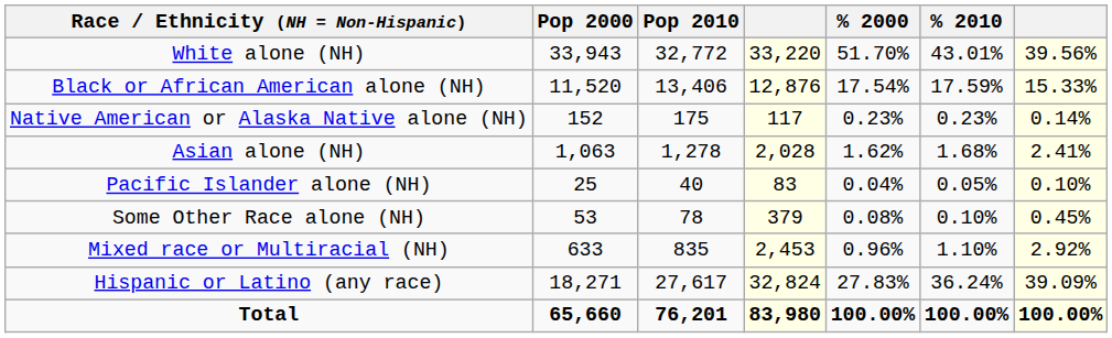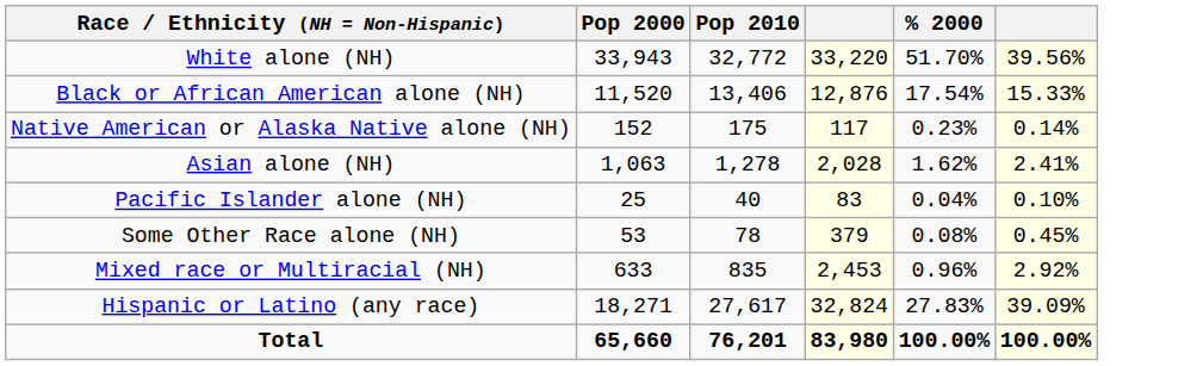 <table class="wikitable" style="text-align:center;">
 <tr>
 <th>Race / Ethnicity <small>(<em>NH = Non-Hispanic</em>)</small></th>
 <th>Pop 2000</th>
 <th>Pop 2010</th>
 <th></th>
 <th>% 2000</th>
-<th>% 2010</th>
 <th></th>
 </tr>
 <tr>
 <td><a href='#'>White</a> alone (NH)</td>
 <td>33,943</td>
 <td>32,772</td>
 <td style='background: #ffffe6;'>33,220</td>
 <td>51.70%</td>
-<td>43.01%</td>
 <td style='background: #ffffe6;'>39.56%</td>
 </tr>
 <tr>
 <td><a href='#'>Black or African American</a> alone (NH)</td>
 <td>11,520</td>
 <td>13,406</td>
 <td style='background: #ffffe6;'>12,876</td>
 <td>17.54%</td>
-<td>17.59%</td>
 <td style='background: #ffffe6;'>15.33%</td>
 </tr>
 <tr>
 <td><a href='#'>Native American</a> or <a href='#'>Alaska Native</a> alone (NH)</td>
 <td>152</td>
 <td>175</td>
 <td style='background: #ffffe6;'>117</td>
-<td>0.23%</td>
 <td>0.23%</td>
 <td style='background: #ffffe6;'>0.14%</td>
 </tr>
 <tr>
 <td><a href='#'>Asian</a> alone (NH)</td>
 <td>1,063</td>
 <td>1,278</td>
 <td style='background: #ffffe6;'>2,028</td>
 <td>1.62%</td>
-<td>1.68%</td>
 <td style='background: #ffffe6;'>2.41%</td>
 </tr>
 <tr>
 <td><a href='#'>Pacific Islander</a> alone (NH)</td>
 <td>25</td>
 <td>40</td>
 <td style='background: #ffffe6;'>83</td>
 <td>0.04%</td>
-<td>0.05%</td>
 <td style='background: #ffffe6;'>0.10%</td>
 </tr>
 <tr>
 <td>Some Other Race alone (NH)</td>
 <td>53</td>
 <td>78</td>
 <td style='background: #ffffe6;'>379</td>
 <td>0.08%</td>
-<td>0.10%</td>
 <td style='background: #ffffe6;'>0.45%</td>
 </tr>
 <tr>
 <td><a href='#'>Mixed race or Multiracial</a> (NH)</td>
 <td>633</td>
 <td>835</td>
 <td style='background: #ffffe6;'>2,453</td>
 <td>0.96%</td>
-<td>1.10%</td>
 <td style='background: #ffffe6;'>2.92%</td>
 </tr>
 <tr>
 <td><a href='#'>Hispanic or Latino</a> (any race)</td>
 <td>18,271</td>
 <td>27,617</td>
 <td style='background: #ffffe6;'>32,824</td>
 <td>27.83%</td>
-<td>36.24%</td>
 <td style='background: #ffffe6;'>39.09%</td>
 </tr>
 <tr>
 <td><strong>Total</strong></td>
 <td><strong>65,660</strong></td>
 <td><strong>76,201</strong></td>
 <td style='background: #ffffe6;'><strong>83,980</strong></td>
 <td><strong>100.00%</strong></td>
-<td><strong>100.00%</strong></td>
 <td style='background: #ffffe6;'><strong>100.00%</strong></td>
 </tr>
 </table>
